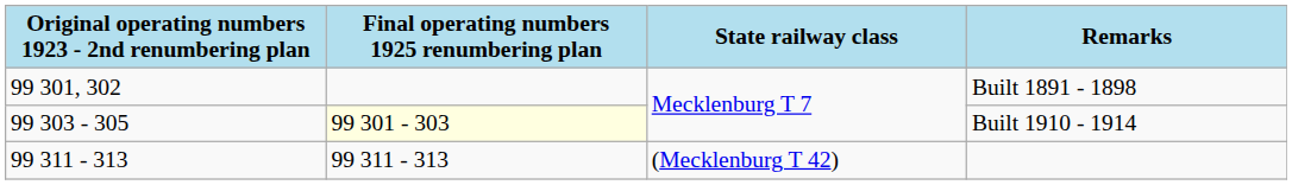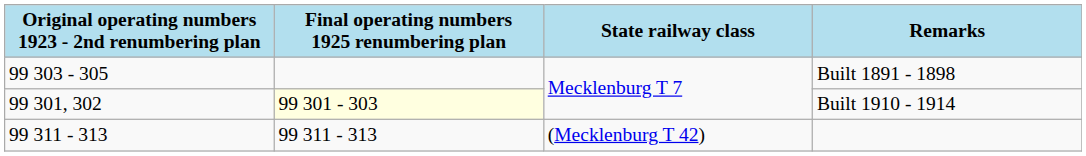 <table class="wikitable" width="100%">
 <tr>
 <th style="background-color:#B2DFEE;" width="25%">Original operating numbers<br> 1923 - 2nd renumbering plan</th>
 <th style="background-color:#B2DFEE;" width="25%">Final operating numbers <br>1925 renumbering plan</th>
 <th style="background-color:#B2DFEE;" width="25%">State railway class</th>
 <th style="background-color:#B2DFEE;"  width="25%">Remarks</th>
 </tr>
 <tr>
-<td>99 301, 302</td>
+<td>99 303 - 305</td>
 <td></td>
 <td rowspan="2"><a href='#'>Mecklenburg T 7</a></td>
 <td>Built 1891 - 1898</td>
 </tr>
 <tr>
-<td>99 303 - 305</td>
+<td>99 301, 302</td>
 <td style="background: lightyellow;">99 301 - 303</td>
 <td>Built 1910 - 1914</td>
 </tr>
 <tr>
 <td>99 311 - 313</td>
 <td>99 311 - 313</td>
 <td>(<a href='#'>Mecklenburg T 42</a>)</td>
 <td></td>
 </tr>
 </table>
